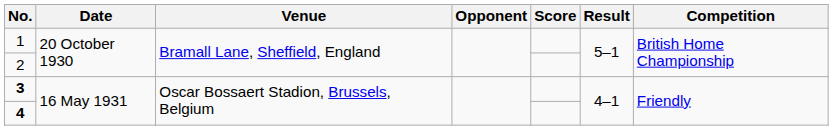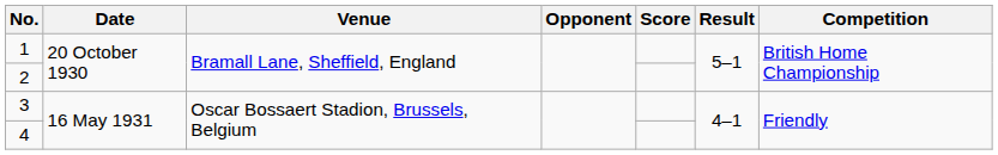 <table class="wikitable sortable">
 <tr>
 <th scope="col">No.</th>
 <th scope="col">Date</th>
 <th scope="col">Venue</th>
 <th scope="col">Opponent</th>
 <th scope="col">Score</th>
 <th scope="col">Result</th>
 <th scope="col">Competition</th>
 </tr>
 <tr>
 <td style="text-align:center">1</td>
 <td rowspan="2">20 October 1930</td>
 <td rowspan="2"><a href='#'>Bramall Lane</a>, <a href='#'>Sheffield</a>, England</td>
 <td rowspan="2"></td>
 <td></td>
 <td rowspan="2" style="text-align:center">5–1</td>
 <td rowspan="2"><a href='#'>British Home Championship</a></td>
 </tr>
 <tr>
 <td style="text-align:center">2</td>
 <td></td>
 </tr>
 <tr>
-<td style="text-align:center"><strong>3</strong></td>
+<td style="text-align:center">3</td>
 <td rowspan="2">16 May 1931</td>
 <td rowspan="2">Oscar Bossaert Stadion, <a href='#'>Brussels</a>, Belgium</td>
 <td rowspan="2"></td>
 <td></td>
 <td rowspan="2" style="text-align:center">4–1</td>
 <td rowspan="2"><a href='#'>Friendly</a></td>
 </tr>
 <tr>
-<td style="text-align:center"><strong>4</strong></td>
+<td style="text-align:center">4</td>
 <td></td>
 </tr>
 </table>
